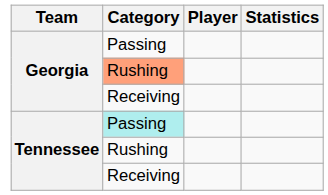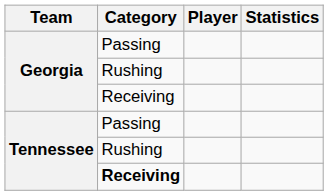 <table class="wikitable" style="float:right">
 <tr>
 <th>Team</th>
 <th>Category</th>
 <th>Player</th>
 <th>Statistics</th>
 </tr>
 <tr>
 <th rowspan=3>Georgia</th>
 <td>Passing</td>
 <td></td>
 <td></td>
 </tr>
 <tr>
-<td style="background: lightsalmon;">Rushing</td>
+<td>Rushing</td>
 <td></td>
 <td></td>
 </tr>
 <tr>
 <td>Receiving</td>
 <td></td>
 <td></td>
 </tr>
 <tr>
 <th rowspan=3>Tennessee</th>
-<td style="background: paleturquoise;">Passing</td>
+<td>Passing</td>
 <td></td>
 <td></td>
 </tr>
 <tr>
 <td>Rushing</td>
 <td></td>
 <td></td>
 </tr>
 <tr>
-<td>Receiving</td>
+<td><strong>Receiving</strong></td>
 <td></td>
 <td></td>
 </tr>
 </table>
